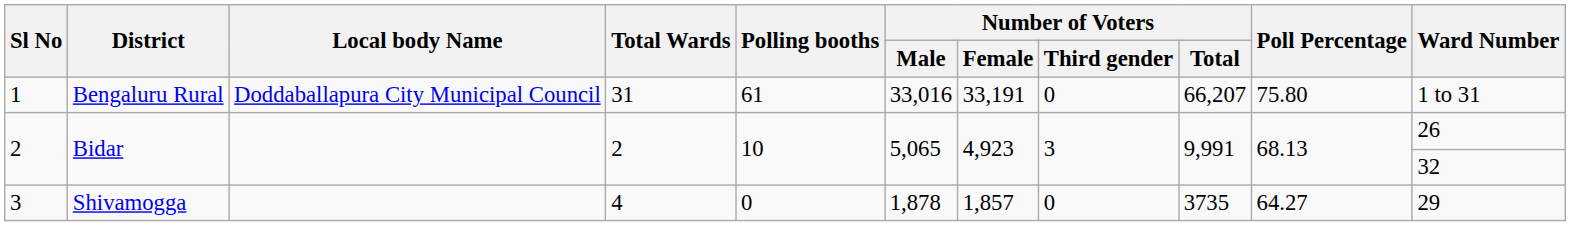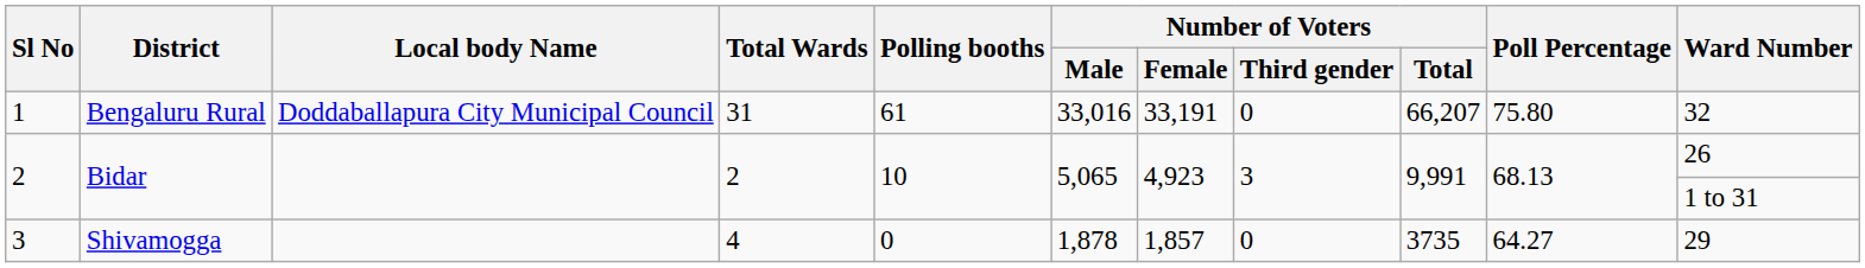 <table class="wikitable sortable">
 <tr>
 <th rowspan="2">Sl No</th>
 <th rowspan="2">District</th>
 <th rowspan="2">Local body Name</th>
 <th rowspan="2">Total Wards</th>
 <th rowspan="2">Polling booths</th>
 <th colspan="4">Number of Voters</th>
 <th rowspan="2">Poll Percentage</th>
 <th rowspan="2">Ward Number</th>
 </tr>
 <tr>
 <th>Male</th>
 <th>Female</th>
 <th>Third gender</th>
 <th>Total</th>
 </tr>
 <tr>
 <td>1</td>
 <td><a href='#'>Bengaluru Rural</a></td>
 <td><a href='#'>Doddaballapura City Municipal Council</a></td>
 <td>31</td>
 <td>61</td>
 <td>33,016</td>
 <td>33,191</td>
 <td>0</td>
 <td>66,207</td>
 <td>75.80</td>
-<td>1 to 31</td>
+<td>32</td>
 </tr>
 <tr>
 <td rowspan="2">2</td>
 <td rowspan="2"><a href='#'>Bidar</a></td>
 <td rowspan="2"></td>
 <td rowspan="2">2</td>
 <td rowspan="2">10</td>
 <td rowspan="2">5,065</td>
 <td rowspan="2">4,923</td>
 <td rowspan="2">3</td>
 <td rowspan="2">9,991</td>
 <td rowspan="2">68.13</td>
 <td>26</td>
 </tr>
 <tr>
-<td>32</td>
+<td>1 to 31</td>
 </tr>
 <tr>
 <td>3</td>
 <td><a href='#'>Shivamogga</a></td>
 <td></td>
 <td>4</td>
 <td>0</td>
 <td>1,878</td>
 <td>1,857</td>
 <td>0</td>
 <td>3735</td>
 <td>64.27</td>
 <td>29</td>
 </tr>
 </table>
